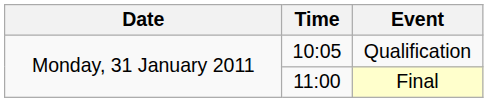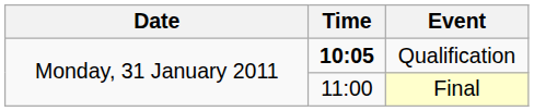 <table class = "wikitable" style="text-align:center;">
 <tr>
 <th width=220>Date</th>
 <th width=50>Time</th>
 <th width=100>Event</th>
 </tr>
 <tr>
 <td rowspan=2>Monday, 31 January 2011</td>
-<td>10:05</td>
+<td><strong>10:05</strong></td>
 <td>Qualification</td>
 </tr>
 <tr>
 <td>11:00</td>
 <td bgcolor=ffffcc>Final</td>
 </tr>
 </table>
